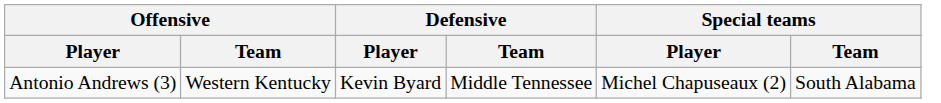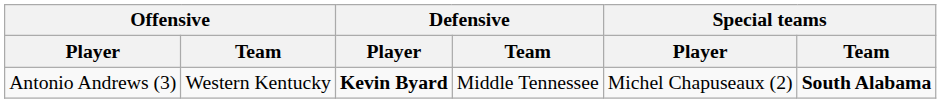 <table class="wikitable">
 <tr>
 <th colspan="2">Offensive</th>
 <th colspan="2">Defensive</th>
 <th colspan="2">Special teams</th>
 </tr>
 <tr>
 <th>Player</th>
 <th>Team</th>
 <th>Player</th>
 <th>Team</th>
 <th>Player</th>
 <th>Team</th>
 </tr>
 <tr>
 <td>Antonio Andrews (3)</td>
 <td>Western Kentucky</td>
-<td>Kevin Byard</td>
+<td><strong>Kevin Byard</strong></td>
 <td>Middle Tennessee</td>
 <td>Michel Chapuseaux (2)</td>
-<td>South Alabama</td>
+<td><strong>South Alabama</strong></td>
 </tr>
 </table>
